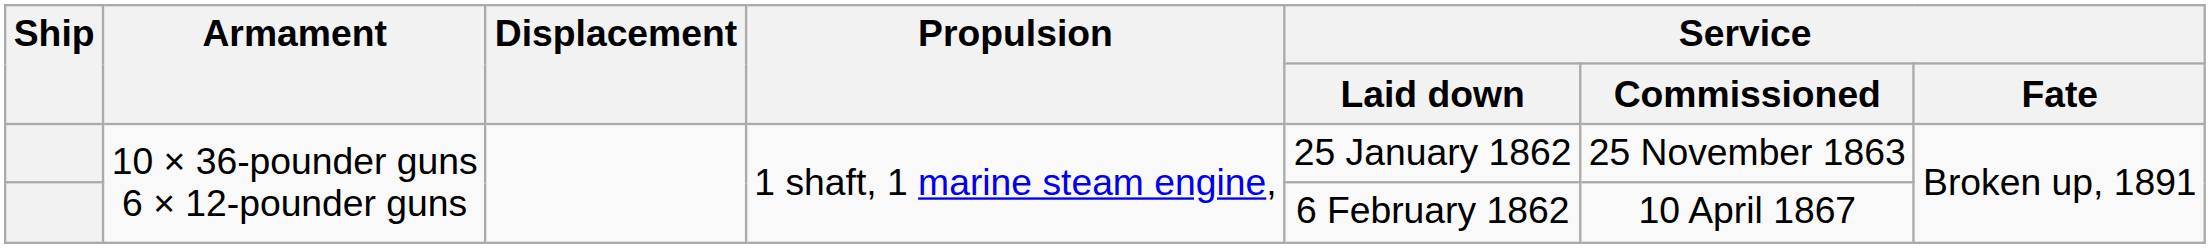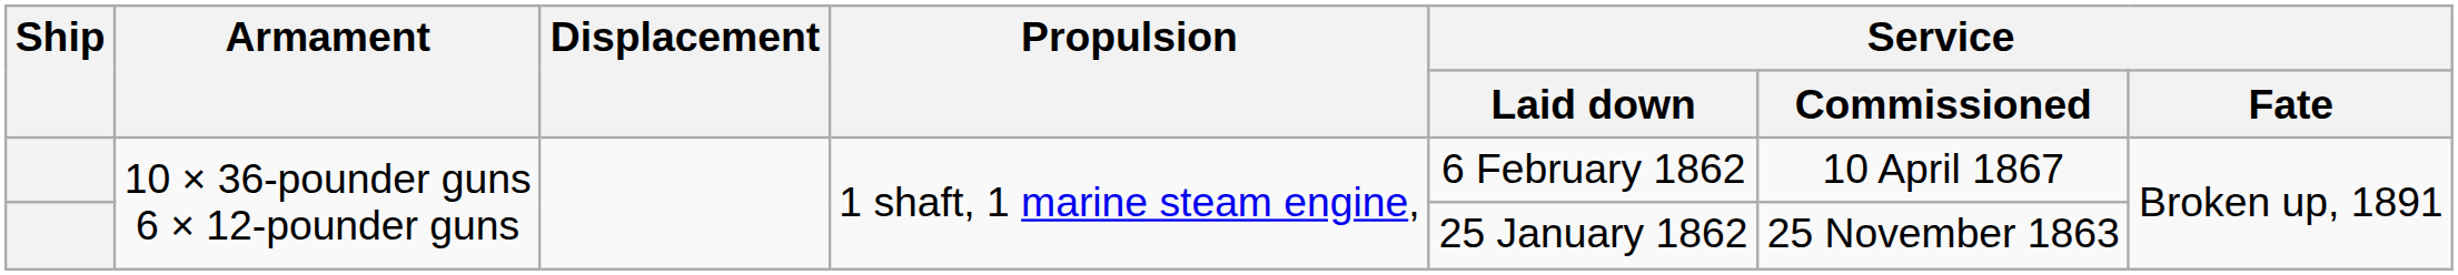 <table class="wikitable plainrowheaders" style="text-align: center;">
 <tr valign="top">
 <th scope="col" rowspan="2">Ship</th>
 <th scope="col" rowspan="2">Armament</th>
 <th scope="col" rowspan="2">Displacement</th>
 <th scope="col" rowspan="2">Propulsion</th>
 <th scope="col" colspan="3">Service</th>
 </tr>
 <tr valign="top">
 <th scope="col">Laid down</th>
 <th scope="col">Commissioned</th>
 <th scope="col">Fate</th>
 </tr>
 <tr valign="center">
 <th scope="row"></th>
 <td rowspan="2">10 × 36-pounder guns<br>6 × 12-pounder guns</td>
 <td rowspan="2"></td>
 <td rowspan="2">1 shaft, 1 <a href='#'>marine steam engine</a>, </td>
-<td>25 January 1862</td>
-<td>25 November 1863</td>
+<td>6 February 1862</td>
+<td>10 April 1867</td>
 <td rowspan="2">Broken up, 1891</td>
 </tr>
 <tr valign="center">
 <th scope="row"></th>
-<td>6 February 1862</td>
-<td>10 April 1867</td>
+<td>25 January 1862</td>
+<td>25 November 1863</td>
 </tr>
 </table>
